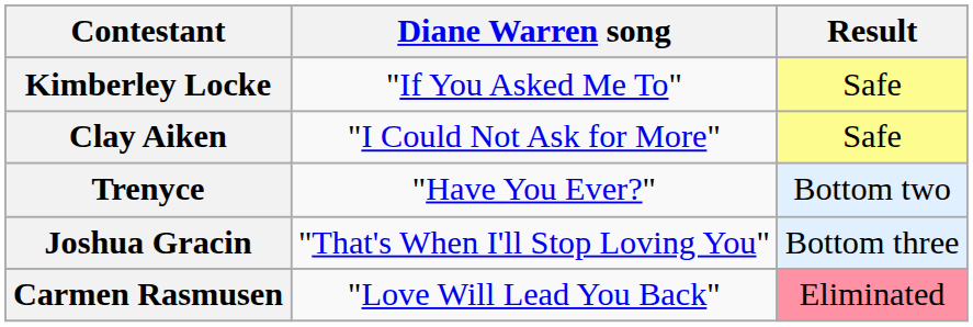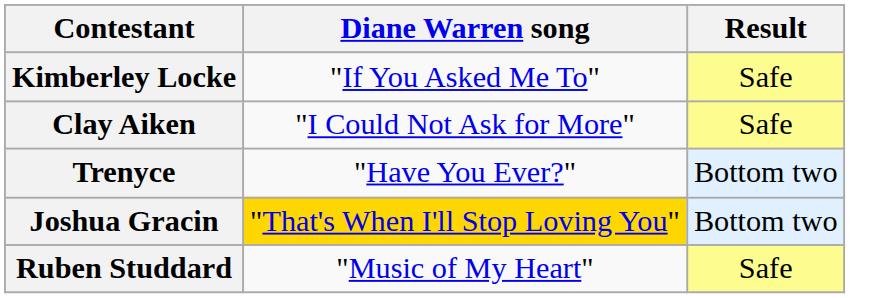 <table class="wikitable unsortable" style="text-align:center;">
 <tr>
 <th scope="col">Contestant</th>
 <th scope="col"><a href='#'>Diane Warren</a> song</th>
 <th scope="col">Result</th>
 </tr>
 <tr>
 <th scope="row">Kimberley Locke</th>
 <td>"<a href='#'>If You Asked Me To</a>"</td>
 <td style="background:#FDFC8F;">Safe</td>
 </tr>
 <tr>
 <th scope="row">Clay Aiken</th>
 <td>"<a href='#'>I Could Not Ask for More</a>"</td>
 <td style="background:#FDFC8F;">Safe</td>
 </tr>
 <tr>
 <th scope="row">Trenyce</th>
 <td>"<a href='#'>Have You Ever?</a>"</td>
 <td style="background:#e0f0ff">Bottom two</td>
 </tr>
 <tr>
 <th scope="row">Joshua Gracin</th>
-<td>"<a href='#'>That's When I'll Stop Loving You</a>"</td>
-<td style="background:#e0f0ff">Bottom three</td>
+<td style="background: gold;">"<a href='#'>That's When I'll Stop Loving You</a>"</td>
+<td style="background:#e0f0ff">Bottom two</td>
 </tr>
 <tr>
-<th scope="row">Carmen Rasmusen</th>
-<td>"<a href='#'>Love Will Lead You Back</a>"</td>
-<td bgcolor="FF91A4">Eliminated</td>
+<th scope="row">Ruben Studdard</th>
+<td>"<a href='#'>Music of My Heart</a>"</td>
+<td style="background:#FDFC8F;">Safe</td>
 </tr>
 </table>
